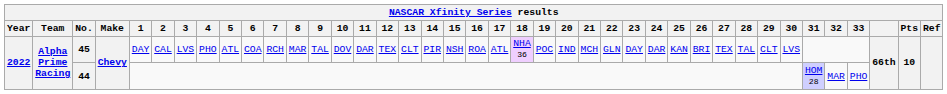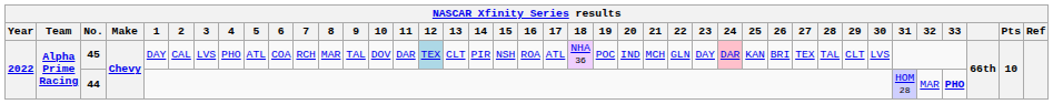 <table class="wikitable" style="text-align:center; font-size:75%">
 <tr>
 <th colspan=42><a href='#'>NASCAR Xfinity Series</a> results</th>
 </tr>
 <tr>
 <th>Year</th>
 <th>Team</th>
 <th>No.</th>
 <th>Make</th>
 <th>1</th>
 <th>2</th>
 <th>3</th>
 <th>4</th>
 <th>5</th>
 <th>6</th>
 <th>7</th>
 <th>8</th>
 <th>9</th>
 <th>10</th>
 <th>11</th>
 <th>12</th>
 <th>13</th>
 <th>14</th>
 <th>15</th>
 <th>16</th>
 <th>17</th>
 <th>18</th>
 <th>19</th>
 <th>20</th>
 <th>21</th>
 <th>22</th>
 <th>23</th>
 <th>24</th>
 <th>25</th>
 <th>26</th>
 <th>27</th>
 <th>28</th>
 <th>29</th>
 <th>30</th>
 <th>31</th>
 <th>32</th>
 <th>33</th>
 <th></th>
 <th>Pts</th>
 <th>Ref</th>
 </tr>
 <tr>
 <th rowspan="2"><a href='#'>2022</a></th>
 <th rowspan="2"><a href='#'>Alpha Prime Racing</a></th>
 <th>45</th>
 <th rowspan="2"><a href='#'>Chevy</a></th>
 <td><a href='#'>DAY</a></td>
 <td><a href='#'>CAL</a></td>
 <td><a href='#'>LVS</a></td>
 <td><a href='#'>PHO</a></td>
 <td><a href='#'>ATL</a></td>
 <td><a href='#'>COA</a></td>
 <td><a href='#'>RCH</a></td>
 <td><a href='#'>MAR</a></td>
 <td><a href='#'>TAL</a></td>
 <td><a href='#'>DOV</a></td>
 <td><a href='#'>DAR</a></td>
-<td><a href='#'>TEX</a></td>
+<td style="background: lightblue;"><a href='#'>TEX</a></td>
 <td><a href='#'>CLT</a></td>
 <td><a href='#'>PIR</a></td>
 <td><a href='#'>NSH</a></td>
 <td><a href='#'>ROA</a></td>
 <td><a href='#'>ATL</a></td>
 <td style="background:#EFCFFF;"><a href='#'>NHA</a><br><small>36</small></td>
 <td><a href='#'>POC</a></td>
 <td><a href='#'>IND</a></td>
 <td><a href='#'>MCH</a></td>
 <td><a href='#'>GLN</a></td>
 <td><a href='#'>DAY</a></td>
-<td><a href='#'>DAR</a></td>
+<td style="background: pink;"><a href='#'>DAR</a></td>
 <td><a href='#'>KAN</a></td>
 <td><a href='#'>BRI</a></td>
 <td><a href='#'>TEX</a></td>
 <td><a href='#'>TAL</a></td>
 <td><a href='#'>CLT</a></td>
 <td><a href='#'>LVS</a></td>
 <td colspan="3"></td>
 <th rowspan="2">66th</th>
 <th rowspan="2">10</th>
 <th rowspan="2"></th>
 </tr>
 <tr>
 <th>44</th>
 <td colspan="30"></td>
 <td style="background:#CFCFFF;"><a href='#'>HOM</a><br><small>28</small></td>
 <td><a href='#'>MAR</a></td>
-<td><a href='#'>PHO</a></td>
+<td><strong><a href='#'>PHO</a></strong></td>
 </tr>
 </table>
